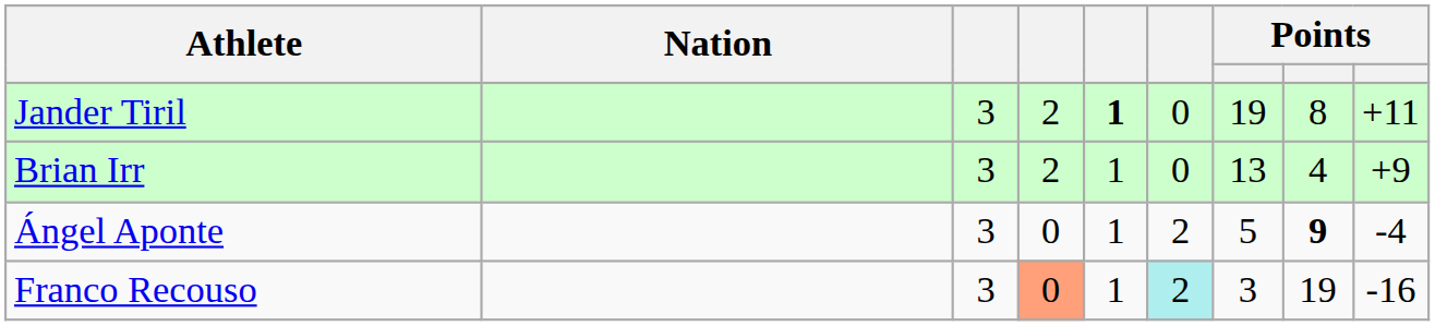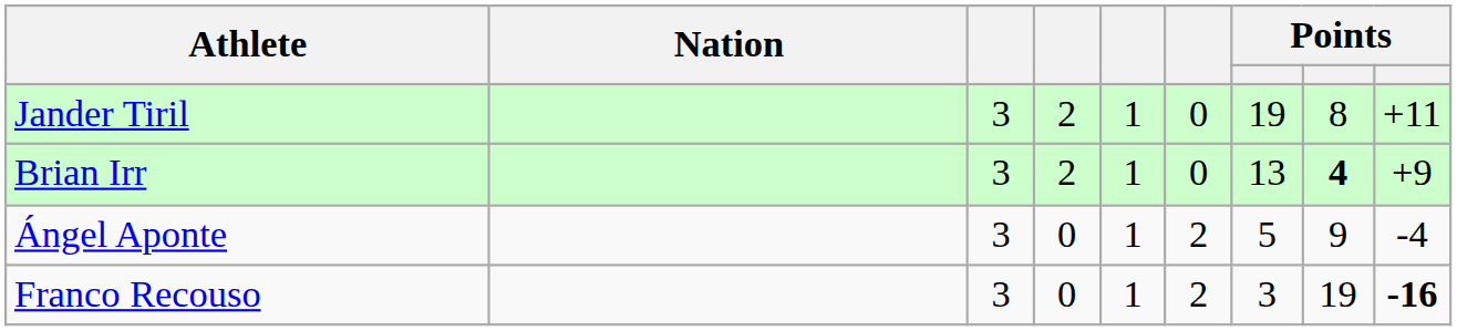 <table class="wikitable" style="text-align: center; font-size:100% ">
 <tr>
 <th rowspan=2 width=250>Athlete</th>
 <th rowspan=2 width=250>Nation</th>
 <th rowspan=2 width=25></th>
 <th rowspan=2 width=25></th>
 <th rowspan=2 width=25></th>
 <th rowspan=2 width=25></th>
 <th colspan=3>Points</th>
 </tr>
 <tr>
 <th width=25></th>
 <th width=25></th>
 <th width=25></th>
 </tr>
 <tr bgcolor="ccffcc">
 <td align=left><a href='#'>Jander Tiril</a></td>
 <td align=left></td>
 <td>3</td>
 <td>2</td>
-<td><strong>1</strong></td>
+<td>1</td>
 <td>0</td>
 <td>19</td>
 <td>8</td>
 <td>+11</td>
 </tr>
 <tr bgcolor="ccffcc">
 <td align=left><a href='#'>Brian Irr</a></td>
 <td align=left></td>
 <td>3</td>
 <td>2</td>
 <td>1</td>
 <td>0</td>
 <td>13</td>
-<td>4</td>
+<td><strong>4</strong></td>
 <td>+9</td>
 </tr>
 <tr>
 <td align=left><a href='#'>Ángel Aponte</a></td>
 <td align=left></td>
 <td>3</td>
 <td>0</td>
 <td>1</td>
 <td>2</td>
 <td>5</td>
-<td><strong>9</strong></td>
+<td>9</td>
 <td>-4</td>
 </tr>
 <tr>
 <td align=left><a href='#'>Franco Recouso</a></td>
 <td align=left></td>
 <td>3</td>
-<td style="background: lightsalmon;">0</td>
+<td>0</td>
 <td>1</td>
-<td style="background: paleturquoise;">2</td>
+<td>2</td>
 <td>3</td>
 <td>19</td>
-<td>-16</td>
+<td><strong>-16</strong></td>
 </tr>
 </table>
